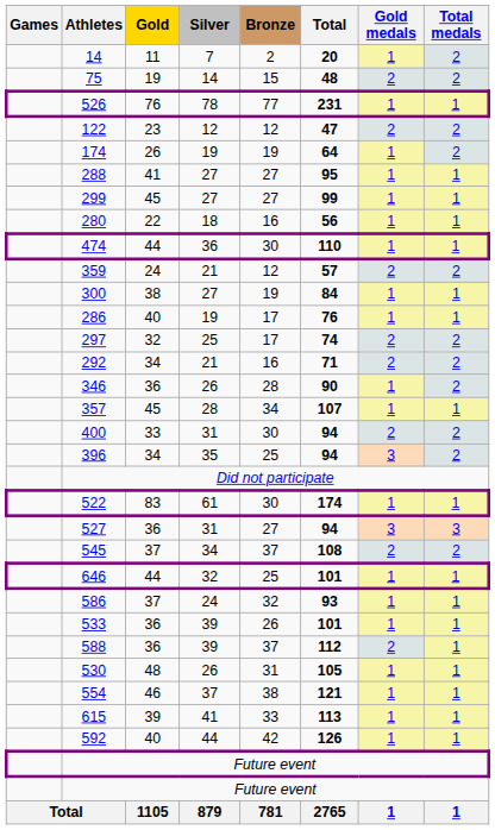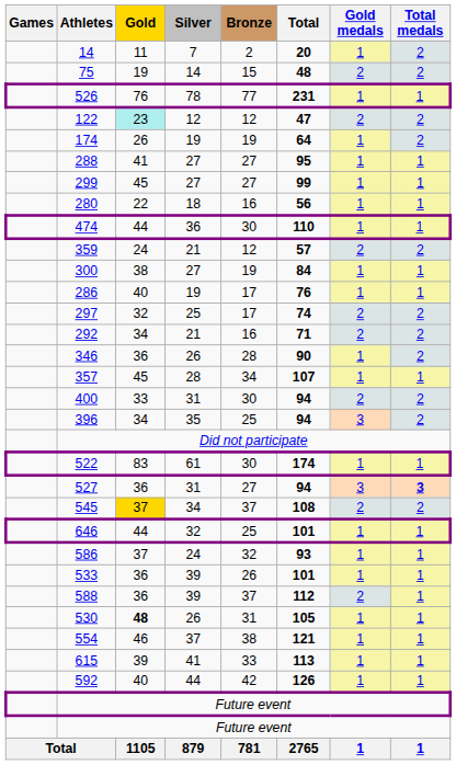 <table class="wikitable" style="text-align:center; font-size:90%;">
 <tr>
 <th>Games</th>
 <th>Athletes</th>
 <td style="background:gold; width:3.2em; font-weight:bold;">Gold</td>
 <td style="background:silver; width:3.7em; font-weight:bold;">Silver</td>
 <td style="background:#c96; width:3.7em; font-weight:bold;">Bronze</td>
 <th style="width:3.5em; font-weight:bold;">Total</th>
 <th style="width:4em; font-weight:bold;"><a href='#'>Gold medals</a></th>
 <th style="width:4em; font-weight:bold;"><a href='#'>Total medals</a></th>
 </tr>
 <tr>
 <td align=left></td>
 <td><a href='#'>14</a></td>
 <td>11</td>
 <td>7</td>
 <td>2</td>
 <td><strong>20</strong></td>
 <td style="background:#f7f6a8;"><a href='#'>1</a></td>
 <td style="background:#dce5e5;"><a href='#'>2</a></td>
 </tr>
 <tr>
 <td align=left></td>
 <td><a href='#'>75</a></td>
 <td>19</td>
 <td>14</td>
 <td>15</td>
 <td><strong>48</strong></td>
 <td style="background:#dce5e5;"><a href='#'>2</a></td>
 <td style="background:#dce5e5;"><a href='#'>2</a></td>
 </tr>
 <tr style="border: 3px solid purple">
 <td align=left></td>
 <td><a href='#'>526</a></td>
 <td>76</td>
 <td>78</td>
 <td>77</td>
 <td><strong>231</strong></td>
 <td style="background:#f7f6a8;"><a href='#'>1</a></td>
 <td style="background:#f7f6a8;"><a href='#'>1</a></td>
 </tr>
 <tr>
 <td align=left></td>
 <td><a href='#'>122</a></td>
-<td>23</td>
+<td style="background: paleturquoise;">23</td>
 <td>12</td>
 <td>12</td>
 <td><strong>47</strong></td>
 <td style="background:#dce5e5;"><a href='#'>2</a></td>
 <td style="background:#dce5e5;"><a href='#'>2</a></td>
 </tr>
 <tr>
 <td align=left></td>
 <td><a href='#'>174</a></td>
 <td>26</td>
 <td>19</td>
 <td>19</td>
 <td><strong>64</strong></td>
 <td style="background:#f7f6a8;"><a href='#'>1</a></td>
 <td style="background:#dce5e5;"><a href='#'>2</a></td>
 </tr>
 <tr>
 <td align=left></td>
 <td><a href='#'>288</a></td>
 <td>41</td>
 <td>27</td>
 <td>27</td>
 <td><strong>95</strong></td>
 <td style="background:#f7f6a8;"><a href='#'>1</a></td>
 <td style="background:#f7f6a8;"><a href='#'>1</a></td>
 </tr>
 <tr>
 <td align=left></td>
 <td><a href='#'>299</a></td>
 <td>45</td>
 <td>27</td>
 <td>27</td>
 <td><strong>99</strong></td>
 <td style="background:#f7f6a8;"><a href='#'>1</a></td>
 <td style="background:#f7f6a8;"><a href='#'>1</a></td>
 </tr>
 <tr>
 <td align=left></td>
 <td><a href='#'>280</a></td>
 <td>22</td>
 <td>18</td>
 <td>16</td>
 <td><strong>56</strong></td>
 <td style="background:#f7f6a8;"><a href='#'>1</a></td>
 <td style="background:#f7f6a8;"><a href='#'>1</a></td>
 </tr>
 <tr style="border: 3px solid purple">
 <td align=left></td>
 <td><a href='#'>474</a></td>
 <td>44</td>
 <td>36</td>
 <td>30</td>
 <td><strong>110</strong></td>
 <td style="background:#f7f6a8;"><a href='#'>1</a></td>
 <td style="background:#f7f6a8;"><a href='#'>1</a></td>
 </tr>
 <tr>
 <td align=left></td>
 <td><a href='#'>359</a></td>
 <td>24</td>
 <td>21</td>
 <td>12</td>
 <td><strong>57</strong></td>
 <td style="background:#dce5e5;"><a href='#'>2</a></td>
 <td style="background:#dce5e5;"><a href='#'>2</a></td>
 </tr>
 <tr>
 <td align=left></td>
 <td><a href='#'>300</a></td>
 <td>38</td>
 <td>27</td>
 <td>19</td>
 <td><strong>84</strong></td>
 <td style="background:#f7f6a8;"><a href='#'>1</a></td>
 <td style="background:#f7f6a8;"><a href='#'>1</a></td>
 </tr>
 <tr>
 <td align=left></td>
 <td><a href='#'>286</a></td>
 <td>40</td>
 <td>19</td>
 <td>17</td>
 <td><strong>76</strong></td>
 <td style="background:#f7f6a8;"><a href='#'>1</a></td>
 <td style="background:#f7f6a8;"><a href='#'>1</a></td>
 </tr>
 <tr>
 <td align=left></td>
 <td><a href='#'>297</a></td>
 <td>32</td>
 <td>25</td>
 <td>17</td>
 <td><strong>74</strong></td>
 <td style="background:#dce5e5;"><a href='#'>2</a></td>
 <td style="background:#dce5e5;"><a href='#'>2</a></td>
 </tr>
 <tr>
 <td align=left></td>
 <td><a href='#'>292</a></td>
 <td>34</td>
 <td>21</td>
 <td>16</td>
 <td><strong>71</strong></td>
 <td style="background:#dce5e5;"><a href='#'>2</a></td>
 <td style="background:#dce5e5;"><a href='#'>2</a></td>
 </tr>
 <tr>
 <td align=left></td>
 <td><a href='#'>346</a></td>
 <td>36</td>
 <td>26</td>
 <td>28</td>
 <td><strong>90</strong></td>
 <td style="background:#f7f6a8;"><a href='#'>1</a></td>
 <td style="background:#dce5e5;"><a href='#'>2</a></td>
 </tr>
 <tr>
 <td align=left></td>
 <td><a href='#'>357</a></td>
 <td>45</td>
 <td>28</td>
 <td>34</td>
 <td><strong>107</strong></td>
 <td style="background:#f7f6a8;"><a href='#'>1</a></td>
 <td style="background:#f7f6a8;"><a href='#'>1</a></td>
 </tr>
 <tr>
 <td align=left></td>
 <td><a href='#'>400</a></td>
 <td>33</td>
 <td>31</td>
 <td>30</td>
 <td><strong>94</strong></td>
 <td style="background:#dce5e5;"><a href='#'>2</a></td>
 <td style="background:#dce5e5;"><a href='#'>2</a></td>
 </tr>
 <tr>
 <td align=left></td>
 <td><a href='#'>396</a></td>
 <td>34</td>
 <td>35</td>
 <td>25</td>
 <td><strong>94</strong></td>
 <td style="background:#ffdab9;"><a href='#'>3</a></td>
 <td style="background:#dce5e5;"><a href='#'>2</a></td>
 </tr>
 <tr>
 <td align=left></td>
 <td colspan=8><em><a href='#'>Did not participate</a></em></td>
 </tr>
 <tr style="border: 3px solid purple">
 <td align=left></td>
 <td><a href='#'>522</a></td>
 <td>83</td>
 <td>61</td>
 <td>30</td>
 <td><strong>174</strong></td>
 <td style="background:#f7f6a8;"><a href='#'>1</a></td>
 <td style="background:#f7f6a8;"><a href='#'>1</a></td>
 </tr>
 <tr>
 <td align=left></td>
 <td><a href='#'>527</a></td>
 <td>36</td>
 <td>31</td>
 <td>27</td>
 <td><strong>94</strong></td>
 <td style="background:#ffdab9;"><a href='#'>3</a></td>
-<td style="background:#ffdab9;"><a href='#'>3</a></td>
+<td style="background:#ffdab9;"><strong><a href='#'>3</a></strong></td>
 </tr>
 <tr>
 <td align=left></td>
 <td><a href='#'>545</a></td>
-<td>37</td>
+<td style="background: gold;">37</td>
 <td>34</td>
 <td>37</td>
 <td><strong>108</strong></td>
 <td style="background:#dce5e5;"><a href='#'>2</a></td>
 <td style="background:#dce5e5;"><a href='#'>2</a></td>
 </tr>
 <tr style="border: 3px solid purple">
 <td align=left></td>
 <td><a href='#'>646</a></td>
 <td>44</td>
 <td>32</td>
 <td>25</td>
 <td><strong>101</strong></td>
 <td style="background:#f7f6a8;"><a href='#'>1</a></td>
 <td style="background:#f7f6a8;"><a href='#'>1</a></td>
 </tr>
 <tr>
 <td align=left></td>
 <td><a href='#'>586</a></td>
 <td>37</td>
 <td>24</td>
 <td>32</td>
 <td><strong>93</strong></td>
 <td style="background:#f7f6a8;"><a href='#'>1</a></td>
 <td style="background:#f7f6a8;"><a href='#'>1</a></td>
 </tr>
 <tr>
 <td align=left></td>
 <td><a href='#'>533</a></td>
 <td>36</td>
 <td>39</td>
 <td>26</td>
 <td><strong>101</strong></td>
 <td style="background:#f7f6a8;"><a href='#'>1</a></td>
 <td style="background:#f7f6a8;"><a href='#'>1</a></td>
 </tr>
 <tr>
 <td align=left></td>
 <td><a href='#'>588</a></td>
 <td>36</td>
 <td>39</td>
 <td>37</td>
 <td><strong>112</strong></td>
 <td style="background:#dce5e5;"><a href='#'>2</a></td>
 <td style="background:#f7f6a8;"><a href='#'>1</a></td>
 </tr>
 <tr>
 <td align=left></td>
 <td><a href='#'>530</a></td>
-<td>48</td>
+<td><strong>48</strong></td>
 <td>26</td>
 <td>31</td>
 <td><strong>105</strong></td>
 <td style="background:#f7f6a8;"><a href='#'>1</a></td>
 <td style="background:#f7f6a8;"><a href='#'>1</a></td>
 </tr>
 <tr>
 <td align=left></td>
 <td><a href='#'>554</a></td>
 <td>46</td>
 <td>37</td>
 <td>38</td>
 <td><strong>121</strong></td>
 <td style="background:#f7f6a8;"><a href='#'>1</a></td>
 <td style="background:#f7f6a8;"><a href='#'>1</a></td>
 </tr>
 <tr>
 <td align=left></td>
 <td><a href='#'>615</a></td>
 <td>39</td>
 <td>41</td>
 <td>33</td>
 <td><strong>113</strong></td>
 <td style="background:#f7f6a8;"><a href='#'>1</a></td>
 <td style="background:#f7f6a8;"><a href='#'>1</a></td>
 </tr>
 <tr>
 <td align=left></td>
 <td><a href='#'>592</a></td>
 <td>40</td>
 <td>44</td>
 <td>42</td>
 <td><strong>126</strong></td>
 <td style="background:#f7f6a8;"><a href='#'>1</a></td>
 <td style="background:#f7f6a8;"><a href='#'>1</a></td>
 </tr>
 <tr style="border: 3px solid purple">
 <td align=left></td>
 <td colspan="8"><em>Future event</em></td>
 </tr>
 <tr>
 <td align=left></td>
 <td colspan="8"><em>Future event</em></td>
 </tr>
 <tr>
 <th colspan=2>Total</th>
 <th>1105</th>
 <th>879</th>
 <th>781</th>
 <th>2765</th>
 <th><a href='#'>1</a></th>
 <th><a href='#'>1</a></th>
 </tr>
 </table>
